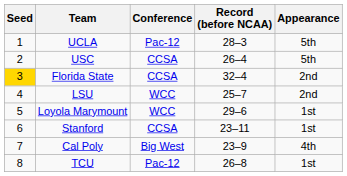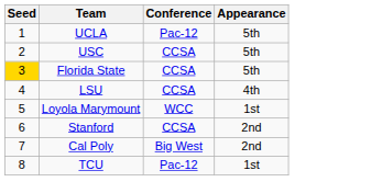 <table class="wikitable sortable sortable" style="text-align: center">
 <tr align=center>
 <th>Seed</th>
 <th>Team</th>
 <th>Conference</th>
-<th>Record<br>(before NCAA)</th>
 <th>Appearance</th>
 </tr>
 <tr>
 <td>1</td>
 <td><a href='#'>UCLA</a></td>
 <td><a href='#'>Pac-12</a></td>
-<td>28–3</td>
 <td>5th</td>
 </tr>
 <tr>
 <td>2</td>
 <td><a href='#'>USC</a></td>
 <td><a href='#'>CCSA</a></td>
-<td>26–4</td>
 <td>5th</td>
 </tr>
 <tr>
 <td style="background: gold;">3</td>
 <td><a href='#'>Florida State</a></td>
 <td><a href='#'>CCSA</a></td>
-<td>32–4</td>
-<td>2nd</td>
+<td>5th</td>
 </tr>
 <tr>
 <td>4</td>
 <td><a href='#'>LSU</a></td>
-<td><a href='#'>WCC</a></td>
-<td>25–7</td>
-<td>2nd</td>
+<td><a href='#'>CCSA</a></td>
+<td>4th</td>
 </tr>
 <tr>
 <td>5</td>
 <td><a href='#'>Loyola Marymount</a></td>
 <td><a href='#'>WCC</a></td>
-<td>29–6</td>
 <td>1st</td>
 </tr>
 <tr>
 <td>6</td>
 <td><a href='#'>Stanford</a></td>
 <td><a href='#'>CCSA</a></td>
-<td>23–11</td>
-<td>1st</td>
+<td>2nd</td>
 </tr>
 <tr>
 <td>7</td>
 <td><a href='#'>Cal Poly</a></td>
 <td><a href='#'>Big West</a></td>
-<td>23–9</td>
-<td>4th</td>
+<td>2nd</td>
 </tr>
 <tr>
 <td>8</td>
 <td><a href='#'>TCU</a></td>
 <td><a href='#'>Pac-12</a></td>
-<td>26–8</td>
 <td>1st</td>
 </tr>
 </table>
